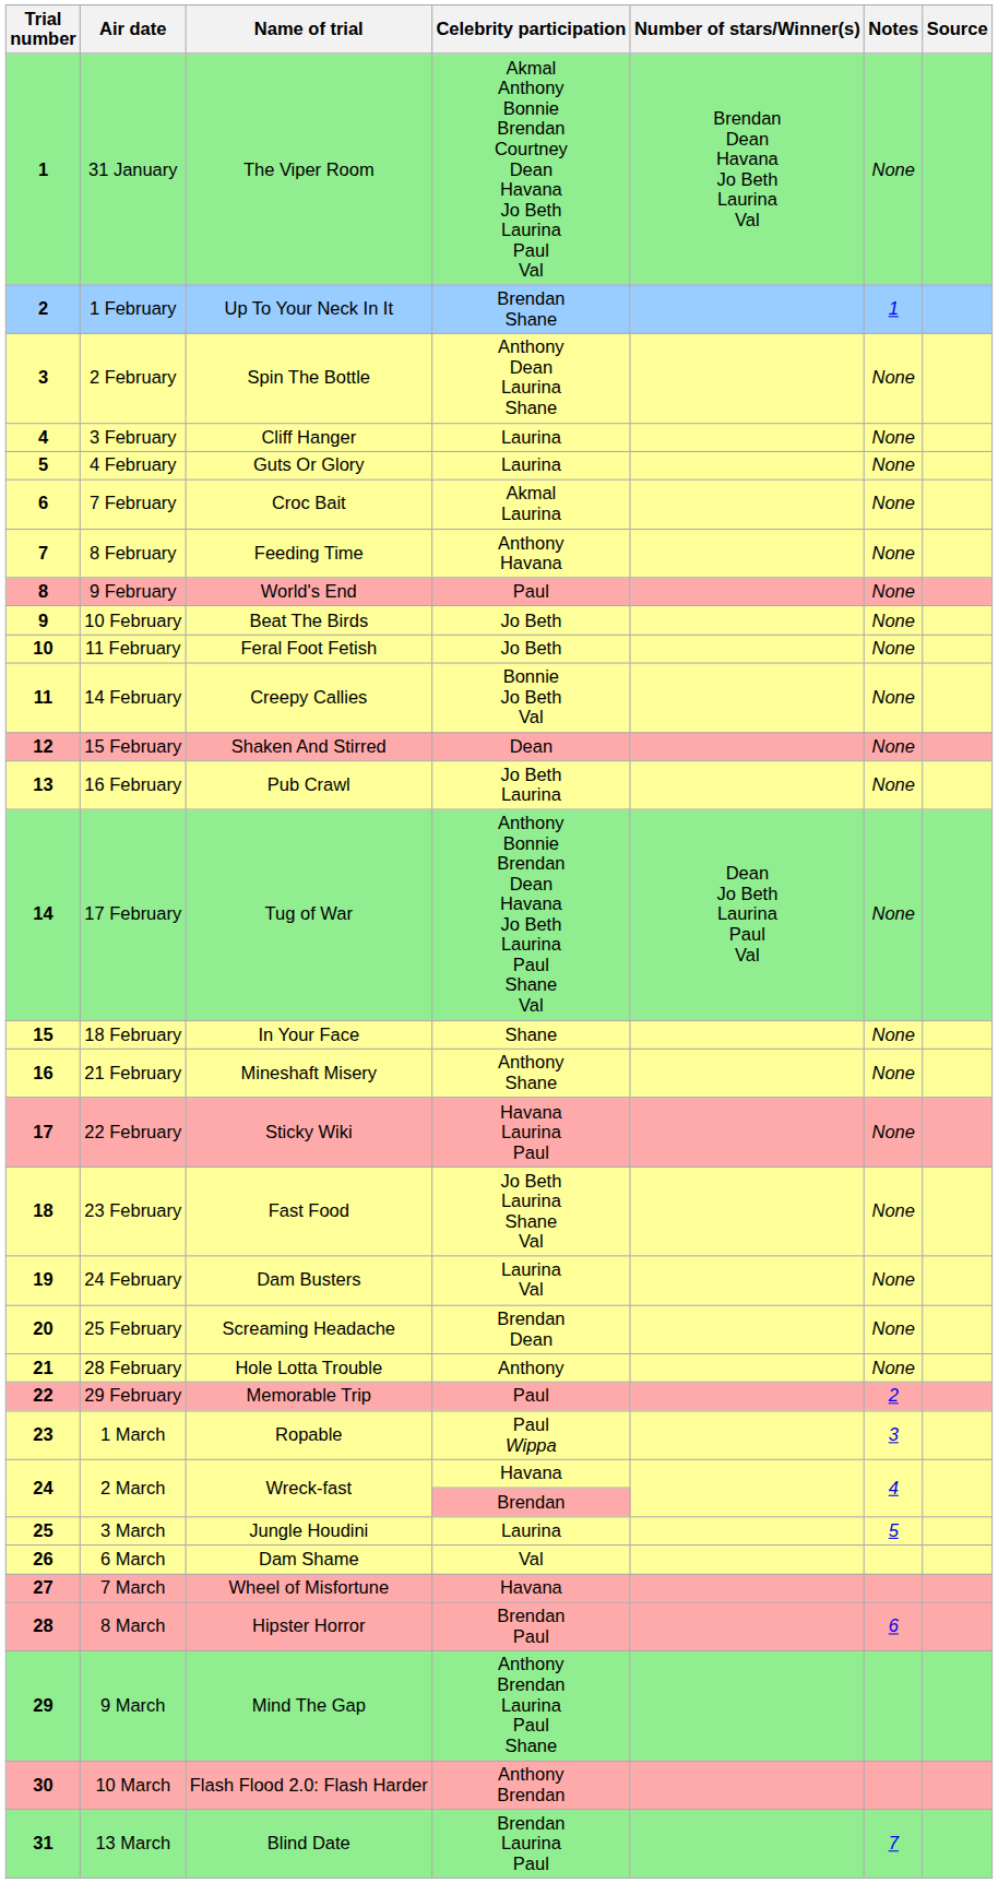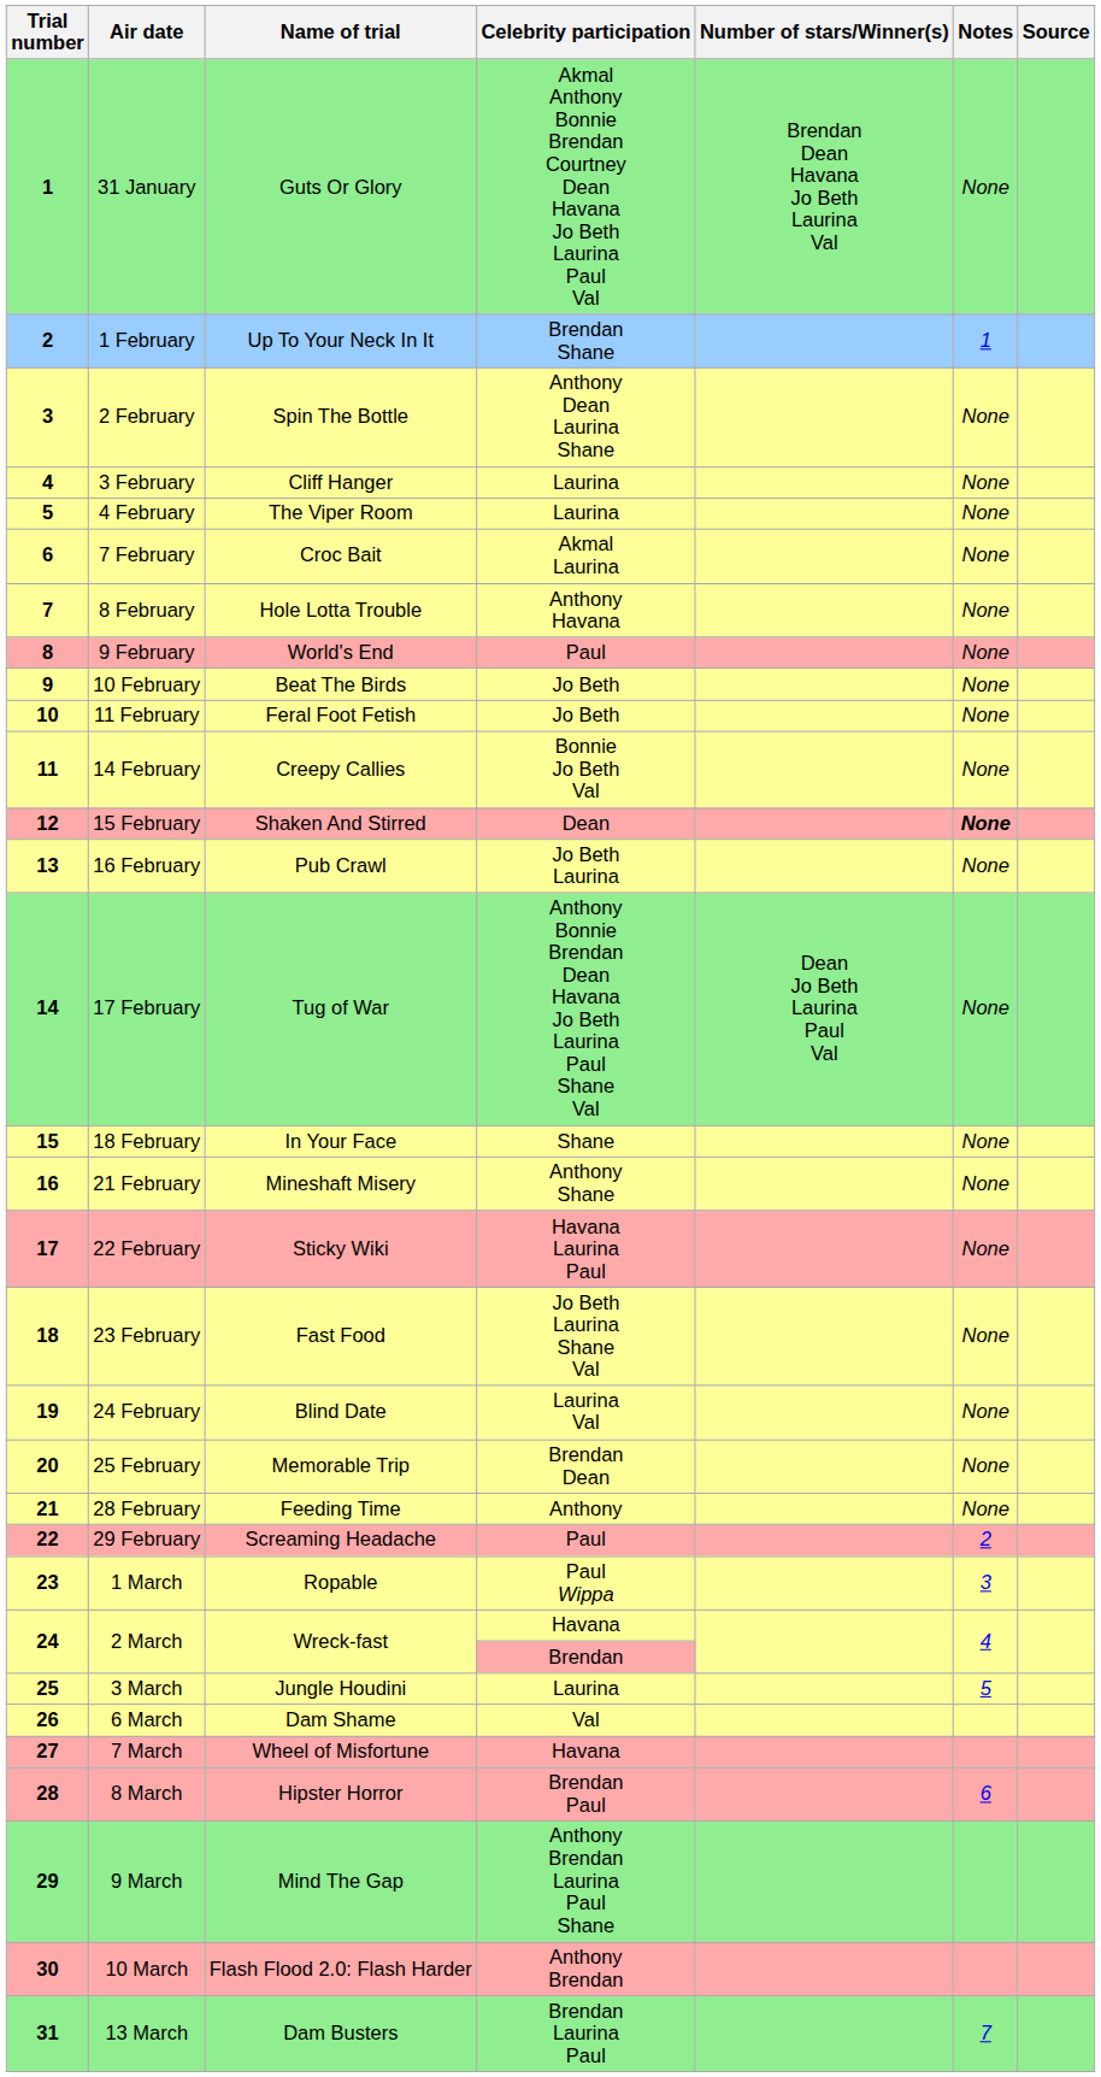 <table class="wikitable" style="margin:auto; text-align:center;">
 <tr>
 <th scope="col">Trial<br>number</th>
 <th scope="col">Air date</th>
 <th scope="col">Name of trial</th>
 <th scope="col">Celebrity participation</th>
 <th scope="col">Number of stars/Winner(s)</th>
 <th scope="col">Notes</th>
 <th scope="col">Source</th>
 </tr>
 <tr style="background:lightgreen">
 <td><strong>1</strong></td>
 <td>31 January</td>
-<td>The Viper Room</td>
+<td>Guts Or Glory</td>
 <td>Akmal<br>Anthony<br>Bonnie<br>Brendan<br>Courtney<br>Dean<br>Havana<br>Jo Beth<br>Laurina<br>Paul<br>Val</td>
 <td>Brendan<br>Dean<br>Havana<br>Jo Beth<br>Laurina<br>Val</td>
 <td><em>None</em></td>
 <td></td>
 </tr>
 <tr style="background:#99CCFF">
 <td><strong>2</strong></td>
 <td>1 February</td>
 <td>Up To Your Neck In It</td>
 <td>Brendan<br>Shane</td>
 <td></td>
 <td><em><cite><a href='#'>1</a></cite></em></td>
 <td></td>
 </tr>
 <tr style="background:#FFFF99">
 <td><strong>3</strong></td>
 <td>2 February</td>
 <td>Spin The Bottle</td>
 <td>Anthony<br>Dean<br>Laurina<br>Shane</td>
 <td></td>
 <td><em>None</em></td>
 <td></td>
 </tr>
 <tr style="background:#FFFF99">
 <td><strong>4</strong></td>
 <td>3 February</td>
 <td>Cliff Hanger</td>
 <td>Laurina</td>
 <td></td>
 <td><em>None</em></td>
 <td></td>
 </tr>
 <tr style="background:#FFFF99">
 <td><strong>5</strong></td>
 <td>4 February</td>
-<td>Guts Or Glory</td>
+<td>The Viper Room</td>
 <td>Laurina</td>
 <td></td>
 <td><em>None</em></td>
 <td></td>
 </tr>
 <tr style="background:#FFFF99">
 <td><strong>6</strong></td>
 <td>7 February</td>
 <td>Croc Bait</td>
 <td>Akmal<br>Laurina</td>
 <td></td>
 <td><em>None</em></td>
 <td></td>
 </tr>
 <tr style="background:#FFFF99">
 <td><strong>7</strong></td>
 <td>8 February</td>
-<td>Feeding Time</td>
+<td>Hole Lotta Trouble</td>
 <td>Anthony<br>Havana</td>
 <td></td>
 <td><em>None</em></td>
 <td></td>
 </tr>
 <tr style="background:#ffaaaa">
 <td><strong>8</strong></td>
 <td>9 February</td>
 <td>World's End</td>
 <td>Paul</td>
 <td></td>
 <td><em>None</em></td>
 <td></td>
 </tr>
 <tr style="background:#FFFF99">
 <td><strong>9</strong></td>
 <td>10 February</td>
 <td>Beat The Birds</td>
 <td>Jo Beth</td>
 <td></td>
 <td><em>None</em></td>
 <td></td>
 </tr>
 <tr style="background:#FFFF99">
 <td><strong>10</strong></td>
 <td>11 February</td>
 <td>Feral Foot Fetish</td>
 <td>Jo Beth</td>
 <td></td>
 <td><em>None</em></td>
 <td></td>
 </tr>
 <tr style="background:#FFFF99">
 <td><strong>11</strong></td>
 <td>14 February</td>
 <td>Creepy Callies</td>
 <td>Bonnie<br>Jo Beth<br>Val</td>
 <td></td>
 <td><em>None</em></td>
 <td></td>
 </tr>
 <tr style="background:#ffaaaa">
 <td><strong>12</strong></td>
 <td>15 February</td>
 <td>Shaken And Stirred</td>
 <td>Dean</td>
 <td></td>
-<td><em>None</em></td>
+<td><strong><em>None</em></strong></td>
 <td></td>
 </tr>
 <tr style="background:#FFFF99">
 <td><strong>13</strong></td>
 <td>16 February</td>
 <td>Pub Crawl</td>
 <td>Jo Beth<br>Laurina</td>
 <td></td>
 <td><em>None</em></td>
 <td></td>
 </tr>
 <tr style="background:lightgreen">
 <td><strong>14</strong></td>
 <td>17 February</td>
 <td>Tug of War</td>
 <td>Anthony<br>Bonnie<br>Brendan<br>Dean<br>Havana<br>Jo Beth<br>Laurina<br>Paul<br>Shane<br>Val</td>
 <td>Dean<br>Jo Beth<br>Laurina<br>Paul<br>Val</td>
 <td><em>None</em></td>
 <td></td>
 </tr>
 <tr style="background:#FFFF99">
 <td><strong>15</strong></td>
 <td>18 February</td>
 <td>In Your Face</td>
 <td>Shane</td>
 <td></td>
 <td><em>None</em></td>
 <td></td>
 </tr>
 <tr style="background:#FFFF99">
 <td><strong>16</strong></td>
 <td>21 February</td>
 <td>Mineshaft Misery</td>
 <td>Anthony<br>Shane</td>
 <td></td>
 <td><em>None</em></td>
 <td></td>
 </tr>
 <tr style="background:#ffaaaa">
 <td><strong>17</strong></td>
 <td>22 February</td>
 <td>Sticky Wiki</td>
 <td>Havana<br>Laurina<br>Paul</td>
 <td></td>
 <td><em>None</em></td>
 <td></td>
 </tr>
 <tr style="background:#FFFF99">
 <td><strong>18</strong></td>
 <td>23 February</td>
 <td>Fast Food</td>
 <td>Jo Beth<br>Laurina<br>Shane<br>Val</td>
 <td></td>
 <td><em>None</em></td>
 <td></td>
 </tr>
 <tr style="background:#FFFF99">
 <td><strong>19</strong></td>
 <td>24 February</td>
-<td>Dam Busters</td>
+<td>Blind Date</td>
 <td>Laurina<br>Val</td>
 <td></td>
 <td><em>None</em></td>
 <td></td>
 </tr>
 <tr style="background:#FFFF99">
 <td><strong>20</strong></td>
 <td>25 February</td>
-<td>Screaming Headache</td>
+<td>Memorable Trip</td>
 <td>Brendan<br>Dean</td>
 <td></td>
 <td><em>None</em></td>
 <td></td>
 </tr>
 <tr style="background:#FFFF99">
 <td><strong>21</strong></td>
 <td>28 February</td>
-<td>Hole Lotta Trouble</td>
+<td>Feeding Time</td>
 <td>Anthony</td>
 <td></td>
 <td><em>None</em></td>
 <td></td>
 </tr>
 <tr style="background:#ffaaaa">
 <td><strong>22</strong></td>
 <td>29 February</td>
-<td>Memorable Trip</td>
+<td>Screaming Headache</td>
 <td>Paul</td>
 <td></td>
 <td><em><cite><a href='#'>2</a></cite></em></td>
 <td></td>
 </tr>
 <tr style="background:#FFFF99">
 <td><strong>23</strong></td>
 <td>1 March</td>
 <td>Ropable</td>
 <td>Paul<br><em>Wippa</em></td>
 <td></td>
 <td><em><cite><a href='#'>3</a></cite></em></td>
 <td></td>
 </tr>
 <tr style="background:#FFFF99">
 <td rowspan="2"><strong>24</strong></td>
 <td rowspan="2">2 March</td>
 <td rowspan="2">Wreck-fast</td>
 <td>Havana</td>
 <td rowspan="2"></td>
 <td rowspan="2"><em><cite><a href='#'>4</a></cite></em></td>
 <td rowspan="2"></td>
 </tr>
 <tr style="background:#ffaaaa">
 <td>Brendan</td>
 </tr>
 <tr style="background:#FFFF99">
 <td><strong>25</strong></td>
 <td>3 March</td>
 <td>Jungle Houdini</td>
 <td>Laurina</td>
 <td></td>
 <td><em><cite><a href='#'>5</a></cite></em></td>
 <td></td>
 </tr>
 <tr style="background:#FFFF99">
 <td><strong>26</strong></td>
 <td>6 March</td>
 <td>Dam Shame</td>
 <td>Val</td>
 <td></td>
 <td></td>
 <td></td>
 </tr>
 <tr style="background:#ffaaaa">
 <td><strong>27</strong></td>
 <td>7 March</td>
 <td>Wheel of Misfortune</td>
 <td>Havana</td>
 <td></td>
 <td></td>
 <td></td>
 </tr>
 <tr style="background:#ffaaaa">
 <td><strong>28</strong></td>
 <td>8 March</td>
 <td>Hipster Horror</td>
 <td>Brendan<br>Paul</td>
 <td></td>
 <td><em><cite><a href='#'>6</a></cite></em></td>
 <td></td>
 </tr>
 <tr style="background:lightgreen">
 <td><strong>29</strong></td>
 <td>9 March</td>
 <td>Mind The Gap</td>
 <td>Anthony<br>Brendan<br>Laurina<br>Paul<br>Shane</td>
 <td></td>
 <td></td>
 <td></td>
 </tr>
 <tr style="background:#ffaaaa">
 <td><strong>30</strong></td>
 <td>10 March</td>
 <td>Flash Flood 2.0: Flash Harder</td>
 <td>Anthony<br>Brendan</td>
 <td></td>
 <td></td>
 <td></td>
 </tr>
 <tr style="background:lightgreen">
 <td><strong>31</strong></td>
 <td>13 March</td>
-<td>Blind Date</td>
+<td>Dam Busters</td>
 <td>Brendan<br>Laurina<br>Paul</td>
 <td></td>
 <td><em><cite><a href='#'>7</a></cite></em></td>
 <td></td>
 </tr>
 </table>
